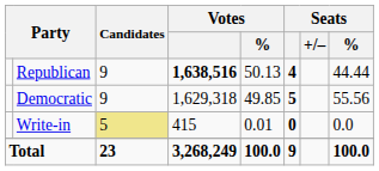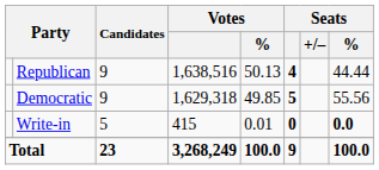 <table class="wikitable" style="font-size: 95%;">
 <tr>
 <th colspan="2" rowspan="2">Party</th>
 <th rowspan="2"><small>Candi</small><small>dates</small></th>
 <th colspan="2">Votes</th>
 <th colspan="3">Seats</th>
 </tr>
 <tr>
 <th></th>
 <th>%</th>
 <th></th>
 <th>+/–</th>
 <th>%</th>
 </tr>
 <tr>
 <td style="background:"></td>
 <td align="left"><a href='#'>Republican</a></td>
 <td>9</td>
-<td><strong>1,638,516</strong></td>
+<td>1,638,516</td>
 <td>50.13</td>
 <td><strong>4</strong></td>
 <td></td>
 <td>44.44</td>
 </tr>
 <tr>
 <td style="background:"></td>
 <td align="left"><a href='#'>Democratic</a></td>
 <td>9</td>
 <td>1,629,318</td>
 <td>49.85</td>
 <td><strong>5</strong></td>
 <td></td>
 <td>55.56</td>
 </tr>
 <tr>
 <td style="background:"></td>
 <td align="left"><a href='#'>Write-in</a></td>
-<td style="background: khaki;">5</td>
+<td>5</td>
 <td>415</td>
 <td>0.01</td>
 <td><strong>0</strong></td>
 <td></td>
-<td>0.0</td>
+<td><strong>0.0</strong></td>
 </tr>
 <tr>
 </tr>
 <tr style="font-weight:bold">
 <td colspan="2" align="left">Total</td>
 <td>23</td>
 <td>3,268,249</td>
 <td>100.0</td>
 <td>9</td>
 <td></td>
 <td>100.0</td>
 </tr>
 </table>
